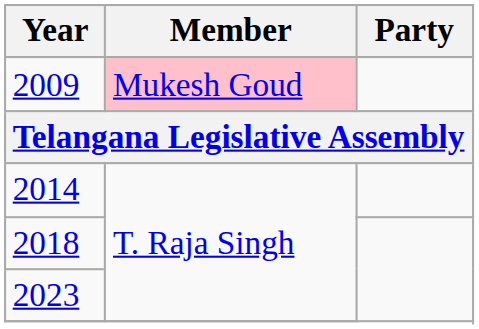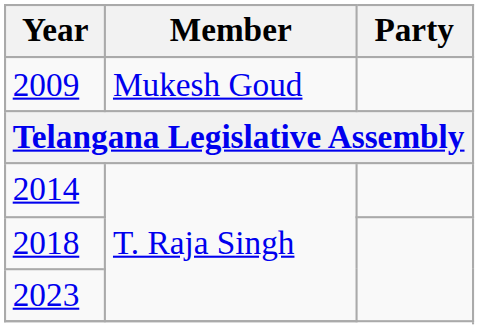 <table class="wikitable sortable">
 <tr>
 <th>Year</th>
 <th>Member</th>
 <th colspan=2>Party</th>
 </tr>
 <tr>
 <td><a href='#'>2009</a></td>
-<td style="background: pink;"><a href='#'>Mukesh Goud</a></td>
+<td><a href='#'>Mukesh Goud</a></td>
 <td></td>
 </tr>
 <tr>
 <th colspan=4><a href='#'>Telangana Legislative Assembly</a></th>
 </tr>
 <tr>
 <td><a href='#'>2014</a></td>
 <td rowspan=3><a href='#'>T. Raja Singh</a></td>
 <td></td>
 </tr>
 <tr>
 <td><a href='#'>2018</a></td>
 </tr>
 <tr>
 <td><a href='#'>2023</a></td>
 </tr>
 <tr>
 </tr>
 </table>
